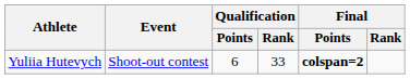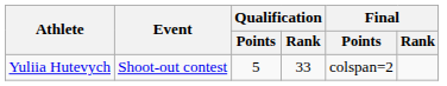 <table class="wikitable" style="font-size:90%;">
 <tr>
 <th rowspan=2>Athlete</th>
 <th rowspan=2>Event</th>
 <th colspan=2>Qualification</th>
 <th colspan=2>Final</th>
 </tr>
 <tr style="font-size:95%">
 <th>Points</th>
 <th>Rank</th>
 <th>Points</th>
 <th>Rank</th>
 </tr>
 <tr align=center>
 <td align=left><a href='#'>Yuliia Hutevych</a></td>
 <td align=left><a href='#'>Shoot-out contest</a></td>
-<td>6</td>
+<td>5</td>
 <td>33</td>
-<td><strong>colspan=2 </strong></td>
+<td>colspan=2 </td>
 </tr>
 </table>
